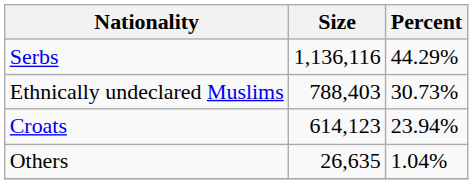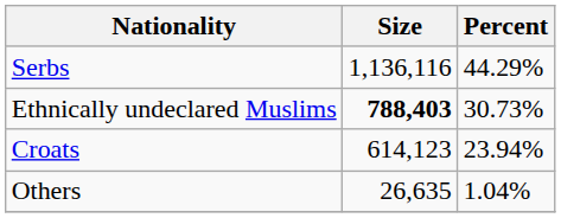 <table class="wikitable">
 <tr>
 <th>Nationality</th>
 <th>Size</th>
 <th>Percent</th>
 </tr>
 <tr>
 <td align=left><a href='#'>Serbs</a></td>
 <td align=right>1,136,116</td>
 <td>44.29%</td>
 </tr>
 <tr>
 <td align=left>Ethnically undeclared <a href='#'>Muslims</a></td>
-<td align=right>788,403</td>
+<td align=right><strong>788,403</strong></td>
 <td>30.73%</td>
 </tr>
 <tr>
 <td align=left><a href='#'>Croats</a></td>
 <td align=right>614,123</td>
 <td>23.94%</td>
 </tr>
 <tr>
 <td align=left>Others</td>
 <td align=right>26,635</td>
 <td>1.04%</td>
 </tr>
 <tr>
 </tr>
 </table>
